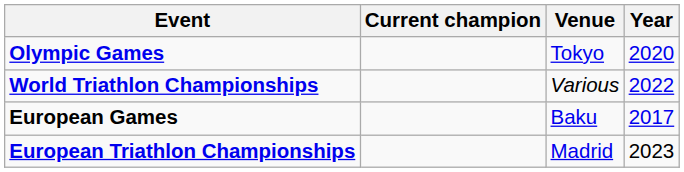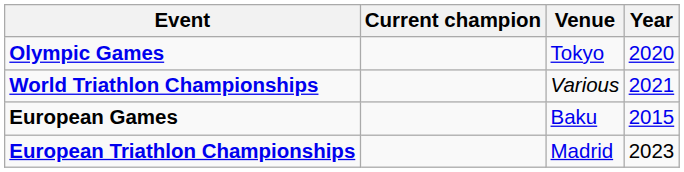 <table class="wikitable sortable" style="text-align:left; text-valign:top">
 <tr>
 <th>Event</th>
 <th>Current champion</th>
 <th>Venue</th>
 <th>Year</th>
 </tr>
 <tr>
 <td><strong><a href='#'>Olympic Games</a></strong></td>
 <td></td>
 <td> <a href='#'>Tokyo</a></td>
 <td><a href='#'>2020</a></td>
 </tr>
 <tr>
 <td><strong><a href='#'>World Triathlon Championships</a></strong></td>
 <td></td>
 <td><em>Various</em></td>
-<td><a href='#'>2022</a></td>
+<td><a href='#'>2021</a></td>
 </tr>
 <tr>
 <td><strong>European Games</strong></td>
 <td></td>
 <td> <a href='#'>Baku</a></td>
-<td><a href='#'>2017</a></td>
+<td><a href='#'>2015</a></td>
 </tr>
 <tr>
 <td><strong><a href='#'>European Triathlon Championships</a></strong></td>
 <td></td>
 <td> <a href='#'>Madrid</a></td>
 <td>2023</td>
 </tr>
 </table>
